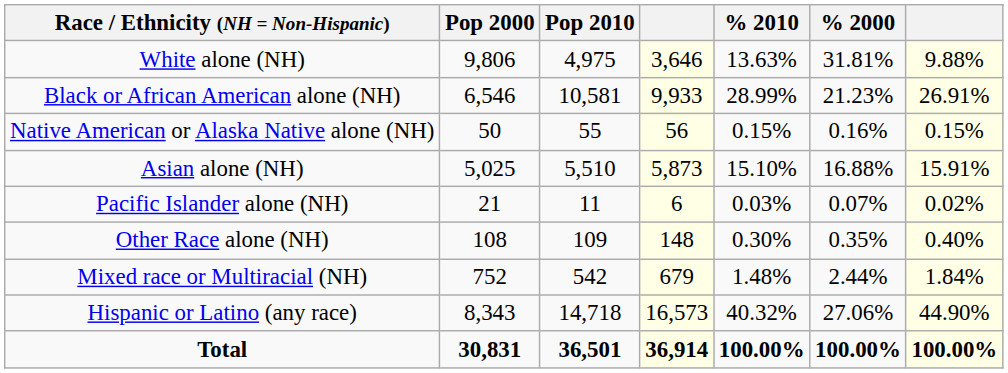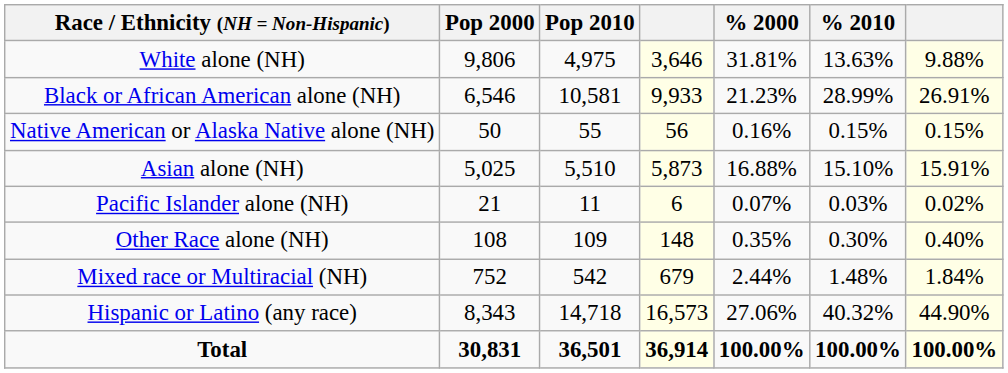 <table class="wikitable" style="text-align:center;">
 <tr>
 <th>Race / Ethnicity <small>(<em>NH = Non-Hispanic</em>)</small></th>
 <th>Pop 2000</th>
 <th>Pop 2010</th>
 <th></th>
+<th>% 2000</th>
 <th>% 2010</th>
-<th>% 2000</th>
 <th></th>
 </tr>
 <tr>
 <td><a href='#'>White</a> alone (NH)</td>
 <td>9,806</td>
 <td>4,975</td>
 <td style='background: #ffffe6;'>3,646</td>
+<td>31.81%</td>
 <td>13.63%</td>
-<td>31.81%</td>
 <td style='background: #ffffe6;'>9.88%</td>
 </tr>
 <tr>
 <td><a href='#'>Black or African American</a> alone (NH)</td>
 <td>6,546</td>
 <td>10,581</td>
 <td style='background: #ffffe6;'>9,933</td>
+<td>21.23%</td>
 <td>28.99%</td>
-<td>21.23%</td>
 <td style='background: #ffffe6;'>26.91%</td>
 </tr>
 <tr>
 <td><a href='#'>Native American</a> or <a href='#'>Alaska Native</a> alone (NH)</td>
 <td>50</td>
 <td>55</td>
 <td style='background: #ffffe6;'>56</td>
+<td>0.16%</td>
 <td>0.15%</td>
-<td>0.16%</td>
 <td style='background: #ffffe6;'>0.15%</td>
 </tr>
 <tr>
 <td><a href='#'>Asian</a> alone (NH)</td>
 <td>5,025</td>
 <td>5,510</td>
 <td style='background: #ffffe6;'>5,873</td>
+<td>16.88%</td>
 <td>15.10%</td>
-<td>16.88%</td>
 <td style='background: #ffffe6;'>15.91%</td>
 </tr>
 <tr>
 <td><a href='#'>Pacific Islander</a> alone (NH)</td>
 <td>21</td>
 <td>11</td>
 <td style='background: #ffffe6;'>6</td>
+<td>0.07%</td>
 <td>0.03%</td>
-<td>0.07%</td>
 <td style='background: #ffffe6;'>0.02%</td>
 </tr>
 <tr>
 <td><a href='#'>Other Race</a> alone (NH)</td>
 <td>108</td>
 <td>109</td>
 <td style='background: #ffffe6;'>148</td>
+<td>0.35%</td>
 <td>0.30%</td>
-<td>0.35%</td>
 <td style='background: #ffffe6;'>0.40%</td>
 </tr>
 <tr>
 <td><a href='#'>Mixed race or Multiracial</a> (NH)</td>
 <td>752</td>
 <td>542</td>
 <td style='background: #ffffe6;'>679</td>
+<td>2.44%</td>
 <td>1.48%</td>
-<td>2.44%</td>
 <td style='background: #ffffe6;'>1.84%</td>
 </tr>
 <tr>
 <td><a href='#'>Hispanic or Latino</a> (any race)</td>
 <td>8,343</td>
 <td>14,718</td>
 <td style='background: #ffffe6;'>16,573</td>
+<td>27.06%</td>
 <td>40.32%</td>
-<td>27.06%</td>
 <td style='background: #ffffe6;'>44.90%</td>
 </tr>
 <tr>
 <td><strong>Total</strong></td>
 <td><strong>30,831</strong></td>
 <td><strong>36,501</strong></td>
 <td style='background: #ffffe6;'><strong>36,914</strong></td>
 <td><strong>100.00%</strong></td>
 <td><strong>100.00%</strong></td>
 <td style='background: #ffffe6;'><strong>100.00%</strong></td>
 </tr>
 </table>
